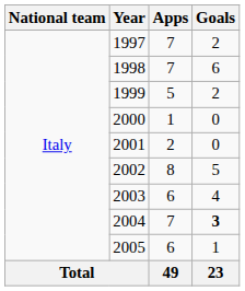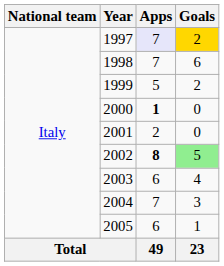 <table class="wikitable" style="text-align:center">
 <tr>
 <th>National team</th>
 <th>Year</th>
 <th>Apps</th>
 <th>Goals</th>
 </tr>
 <tr>
 <td rowspan="9"><a href='#'>Italy</a></td>
 <td>1997</td>
-<td>7</td>
-<td>2</td>
+<td style="background: lavender;">7</td>
+<td style="background: gold;">2</td>
 </tr>
 <tr>
 <td>1998</td>
 <td>7</td>
 <td>6</td>
 </tr>
 <tr>
 <td>1999</td>
 <td>5</td>
 <td>2</td>
 </tr>
 <tr>
 <td>2000</td>
-<td>1</td>
+<td><strong>1</strong></td>
 <td>0</td>
 </tr>
 <tr>
 <td>2001</td>
 <td>2</td>
 <td>0</td>
 </tr>
 <tr>
 <td>2002</td>
-<td>8</td>
-<td>5</td>
+<td><strong>8</strong></td>
+<td style="background: lightgreen;">5</td>
 </tr>
 <tr>
 <td>2003</td>
 <td>6</td>
 <td>4</td>
 </tr>
 <tr>
 <td>2004</td>
 <td>7</td>
-<td><strong>3</strong></td>
+<td>3</td>
 </tr>
 <tr>
 <td>2005</td>
 <td>6</td>
 <td>1</td>
 </tr>
 <tr>
 <th colspan="2">Total</th>
 <th>49</th>
 <th>23</th>
 </tr>
 </table>
